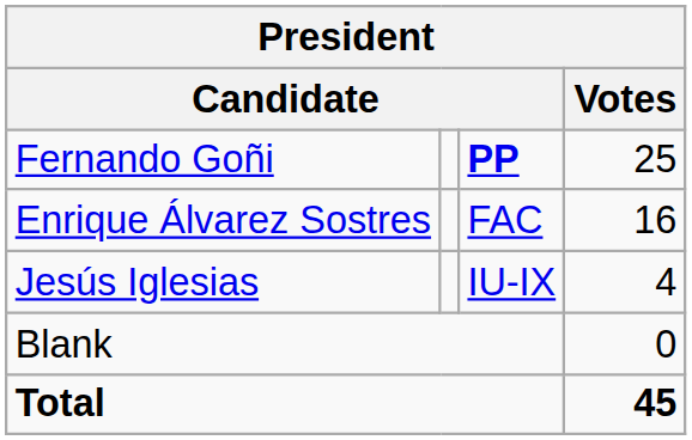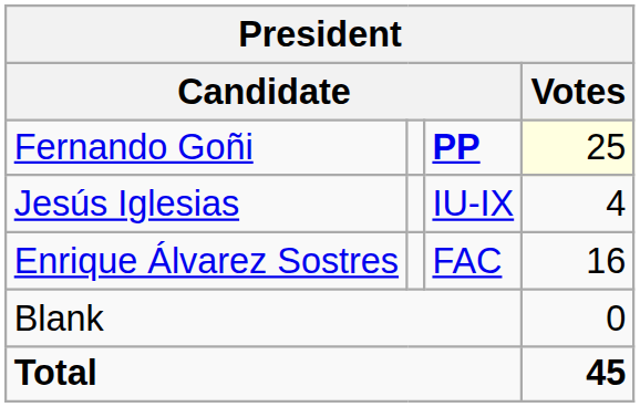 <table class="wikitable" style="font-size:90%; text-align:right;">
 <tr>
 <th colspan="4">President</th>
 </tr>
 <tr>
 <th colspan="3" valign="bottom">Candidate</th>
 <th>Votes</th>
 </tr>
 <tr>
 <td align="left"><a href='#'>Fernando Goñi</a></td>
 <td style="background:"></td>
 <td align="left"><strong><a href='#'>PP</a></strong></td>
-<td>25</td>
+<td style="background: lightyellow;">25</td>
+</tr>
+<tr>
+<td align="left"><a href='#'>Jesús Iglesias</a></td>
+<td style="background:"></td>
+<td align="left"><a href='#'>IU-IX</a></td>
+<td>4</td>
 </tr>
 <tr>
 <td align="left"><a href='#'>Enrique Álvarez Sostres</a></td>
 <td style="background:"></td>
 <td align="left"><a href='#'>FAC</a></td>
 <td>16</td>
-</tr>
-<tr>
-<td align="left"><a href='#'>Jesús Iglesias</a></td>
-<td style="background:"></td>
-<td align="left"><a href='#'>IU-IX</a></td>
-<td>4</td>
 </tr>
 <tr>
 <td colspan="3" align="left">Blank</td>
 <td>0</td>
 </tr>
 <tr style="font-weight:bold">
 <td colspan="3" align="left">Total</td>
 <td>45</td>
 </tr>
 </table>
